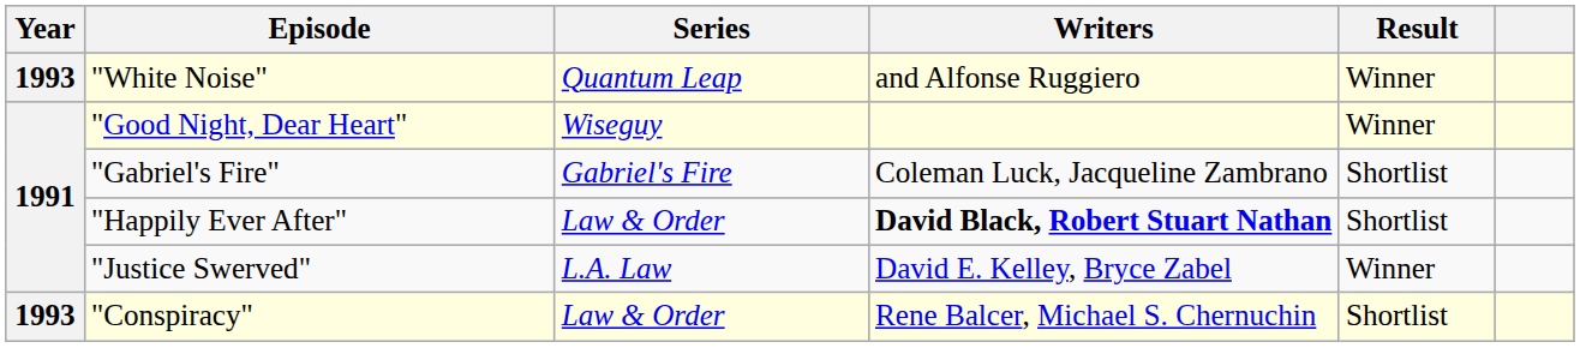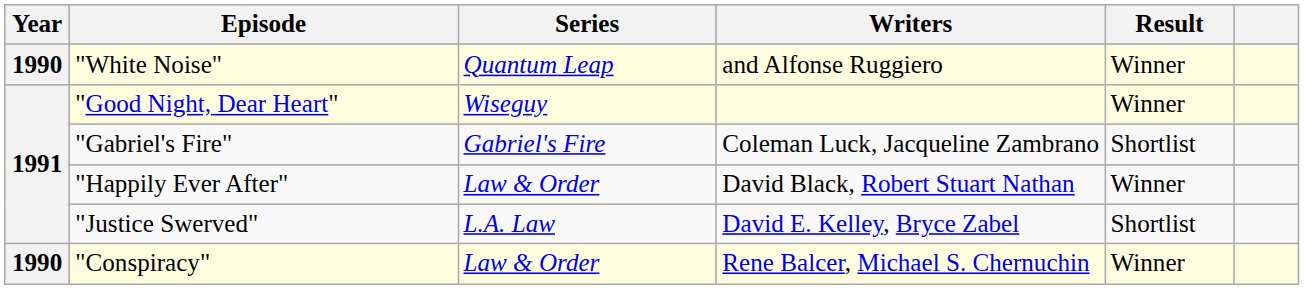 <table class="wikitable sortable" style="wdith:100%">
 <tr>
 <th scope="col" width="5%">Year</th>
 <th scope="col" width="30%">Episode</th>
 <th scope="col" width="20%">Series</th>
 <th scope="col" width="30%">Writers</th>
 <th scope="col" width="10%">Result</th>
 <th scope="col" width="5%"></th>
 </tr>
 <tr style="background:lightyellow;">
-<th>1993</th>
+<th>1990</th>
 <td>"White Noise"</td>
 <td><em><a href='#'>Quantum Leap</a></em></td>
 <td> and Alfonse Ruggiero</td>
 <td>Winner</td>
 <td></td>
 </tr>
 <tr style="background:lightyellow;">
 <th rowspan="4"><strong>1991</strong></th>
 <td>"<a href='#'>Good Night, Dear Heart</a>"</td>
 <td><em><a href='#'>Wiseguy</a></em></td>
 <td></td>
 <td>Winner</td>
 <td></td>
 </tr>
 <tr>
 <td>"Gabriel's Fire"</td>
 <td><em><a href='#'>Gabriel's Fire</a></em></td>
 <td>Coleman Luck, Jacqueline Zambrano</td>
 <td>Shortlist</td>
 <td></td>
 </tr>
 <tr>
 <td>"Happily Ever After"</td>
 <td><em><a href='#'>Law & Order</a></em></td>
-<td><strong>David Black, <a href='#'>Robert Stuart Nathan</a></strong></td>
-<td>Shortlist</td>
+<td>David Black, <a href='#'>Robert Stuart Nathan</a></td>
+<td>Winner</td>
 <td></td>
 </tr>
 <tr>
 <td>"Justice Swerved"</td>
 <td><em><a href='#'>L.A. Law</a></em></td>
 <td><a href='#'>David E. Kelley</a>, <a href='#'>Bryce Zabel</a></td>
+<td>Shortlist</td>
+<td></td>
+</tr>
+<tr style="background:lightyellow;">
+<th>1990</th>
+<td>"Conspiracy"</td>
+<td><em><a href='#'>Law & Order</a></em></td>
+<td><a href='#'>Rene Balcer</a>, <a href='#'>Michael S. Chernuchin</a></td>
 <td>Winner</td>
 <td></td>
 </tr>
-<tr style="background:lightyellow;">
-<th>1993</th>
-<td>"Conspiracy"</td>
-<td><em><a href='#'>Law & Order</a></em></td>
-<td><a href='#'>Rene Balcer</a>, <a href='#'>Michael S. Chernuchin</a></td>
-<td>Shortlist</td>
-<td></td>
-</tr>
 </table>
